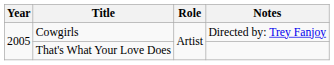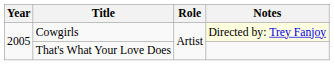 <table class="wikitable">
 <tr>
 <th>Year</th>
 <th>Title</th>
 <th>Role</th>
 <th>Notes</th>
 </tr>
 <tr>
 <td rowspan="2">2005</td>
 <td>Cowgirls</td>
 <td rowspan="2">Artist</td>
-<td>Directed by: <a href='#'>Trey Fanjoy</a></td>
+<td style="background: lightyellow;">Directed by: <a href='#'>Trey Fanjoy</a></td>
 </tr>
 <tr>
 <td>That's What Your Love Does</td>
 <td></td>
 </tr>
 </table>
